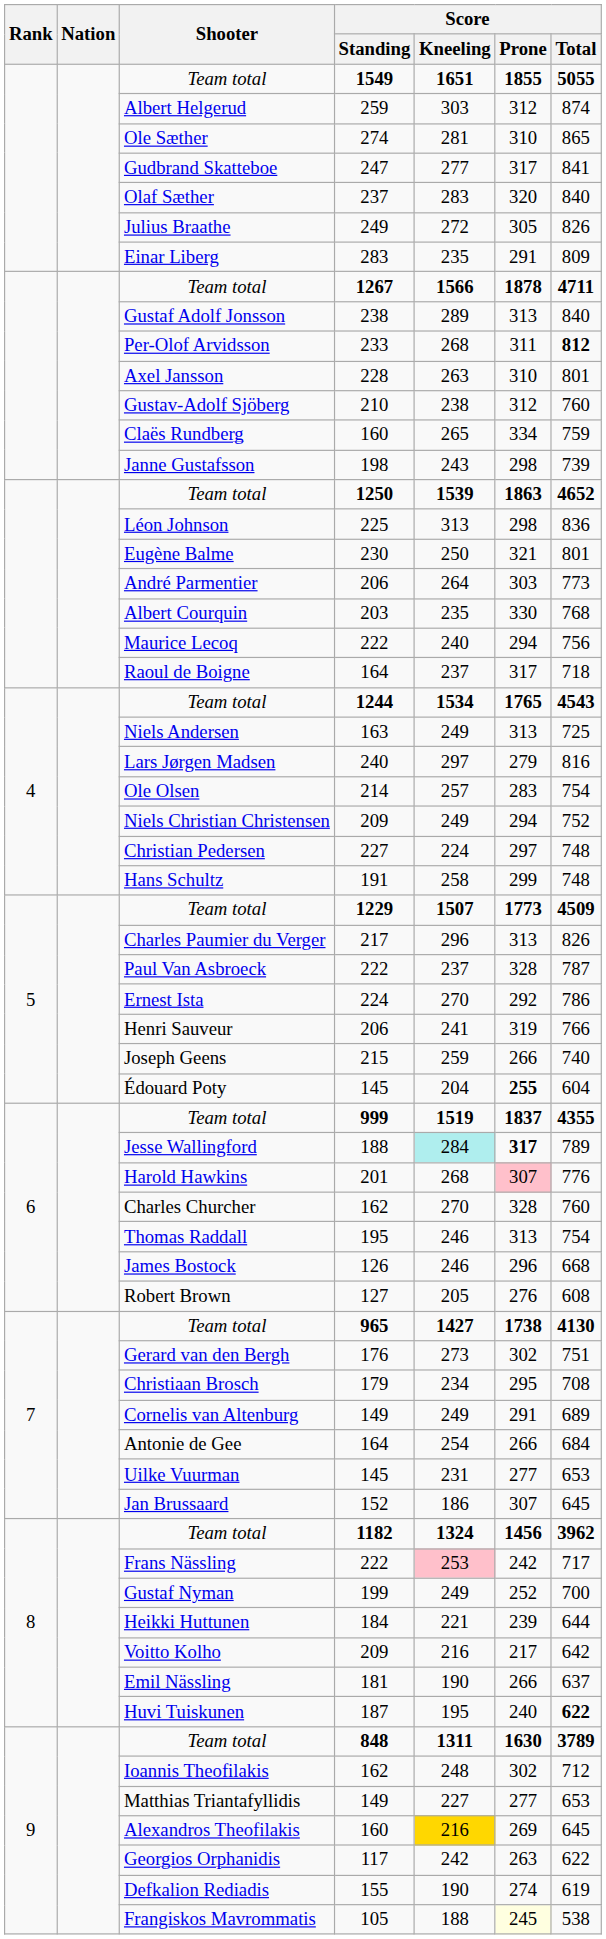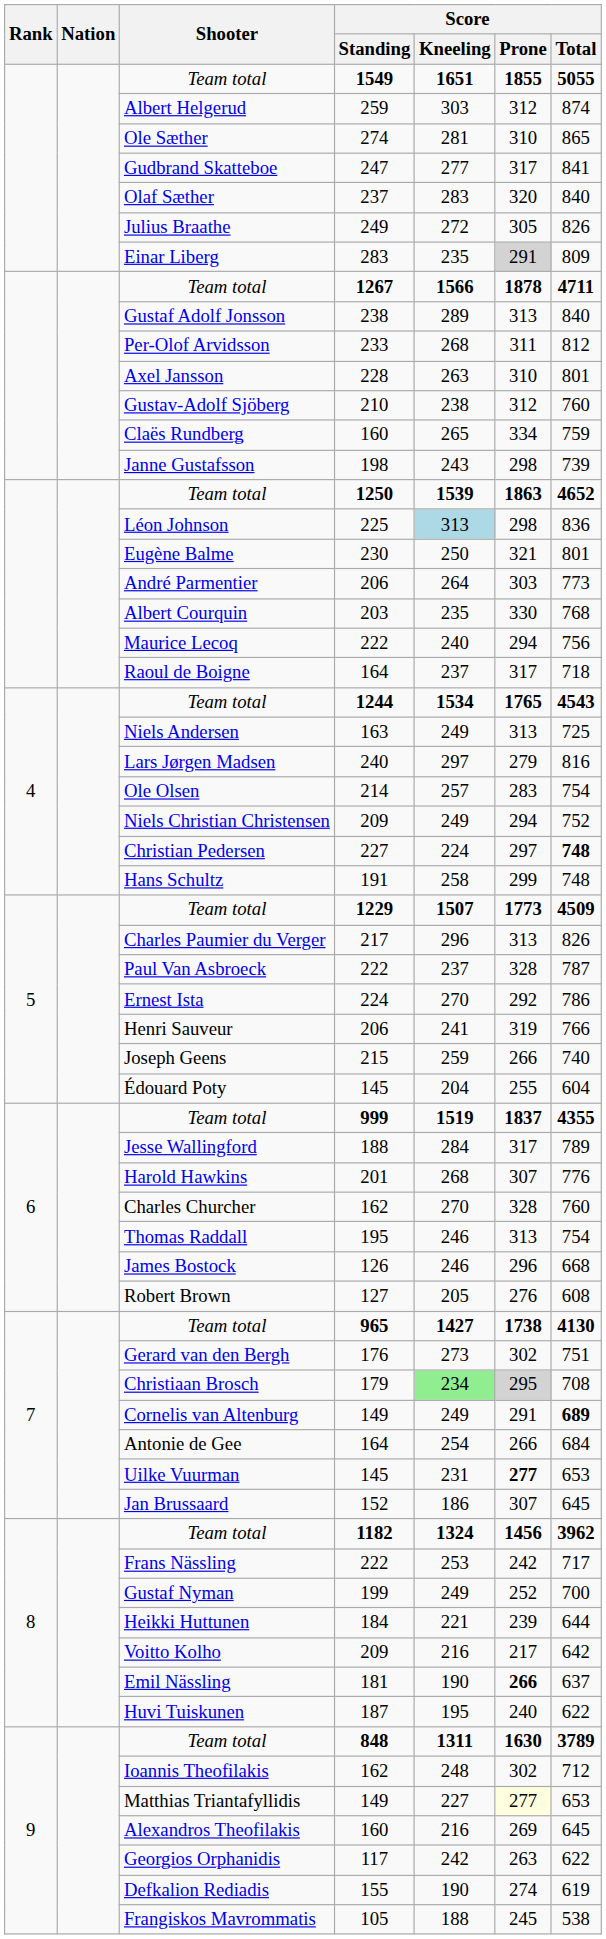 <table class="wikitable sortable" style="text-align:center">
 <tr>
 <th rowspan=2>Rank</th>
 <th rowspan=2>Nation</th>
 <th rowspan=2>Shooter</th>
 <th colspan=4>Score</th>
 </tr>
 <tr>
 <th>Standing</th>
 <th>Kneeling</th>
 <th>Prone</th>
 <th>Total</th>
 </tr>
 <tr>
 <td rowspan=7></td>
 <td rowspan=7 align=left></td>
 <td><em>Team total</em></td>
 <td><strong>1549</strong></td>
 <td><strong>1651</strong></td>
 <td><strong>1855</strong></td>
 <td><strong>5055</strong></td>
 </tr>
 <tr>
 <td align=left><a href='#'>Albert Helgerud</a></td>
 <td>259</td>
 <td>303</td>
 <td>312</td>
 <td>874</td>
 </tr>
 <tr>
 <td align=left><a href='#'>Ole Sæther</a></td>
 <td>274</td>
 <td>281</td>
 <td>310</td>
 <td>865</td>
 </tr>
 <tr>
 <td align=left><a href='#'>Gudbrand Skatteboe</a></td>
 <td>247</td>
 <td>277</td>
 <td>317</td>
 <td>841</td>
 </tr>
 <tr>
 <td align=left><a href='#'>Olaf Sæther</a></td>
 <td>237</td>
 <td>283</td>
 <td>320</td>
 <td>840</td>
 </tr>
 <tr>
 <td align=left><a href='#'>Julius Braathe</a></td>
 <td>249</td>
 <td>272</td>
 <td>305</td>
 <td>826</td>
 </tr>
 <tr>
 <td align=left><a href='#'>Einar Liberg</a></td>
 <td>283</td>
 <td>235</td>
-<td>291</td>
+<td style="background: lightgrey;">291</td>
 <td>809</td>
 </tr>
 <tr>
 <td rowspan=7></td>
 <td rowspan=7 align=left></td>
 <td><em>Team total</em></td>
 <td><strong>1267</strong></td>
 <td><strong>1566</strong></td>
 <td><strong>1878</strong></td>
 <td><strong>4711</strong></td>
 </tr>
 <tr>
 <td align=left><a href='#'>Gustaf Adolf Jonsson</a></td>
 <td>238</td>
 <td>289</td>
 <td>313</td>
 <td>840</td>
 </tr>
 <tr>
 <td align=left><a href='#'>Per-Olof Arvidsson</a></td>
 <td>233</td>
 <td>268</td>
 <td>311</td>
-<td><strong>812</strong></td>
+<td>812</td>
 </tr>
 <tr>
 <td align=left><a href='#'>Axel Jansson</a></td>
 <td>228</td>
 <td>263</td>
 <td>310</td>
 <td>801</td>
 </tr>
 <tr>
 <td align=left><a href='#'>Gustav-Adolf Sjöberg</a></td>
 <td>210</td>
 <td>238</td>
 <td>312</td>
 <td>760</td>
 </tr>
 <tr>
 <td align=left><a href='#'>Claës Rundberg</a></td>
 <td>160</td>
 <td>265</td>
 <td>334</td>
 <td>759</td>
 </tr>
 <tr>
 <td align=left><a href='#'>Janne Gustafsson</a></td>
 <td>198</td>
 <td>243</td>
 <td>298</td>
 <td>739</td>
 </tr>
 <tr>
 <td rowspan=7></td>
 <td rowspan=7 align=left></td>
 <td><em>Team total</em></td>
 <td><strong>1250</strong></td>
 <td><strong>1539</strong></td>
 <td><strong>1863</strong></td>
 <td><strong>4652</strong></td>
 </tr>
 <tr>
 <td align=left><a href='#'>Léon Johnson</a></td>
 <td>225</td>
-<td>313</td>
+<td style="background: lightblue;">313</td>
 <td>298</td>
 <td>836</td>
 </tr>
 <tr>
 <td align=left><a href='#'>Eugène Balme</a></td>
 <td>230</td>
 <td>250</td>
 <td>321</td>
 <td>801</td>
 </tr>
 <tr>
 <td align=left><a href='#'>André Parmentier</a></td>
 <td>206</td>
 <td>264</td>
 <td>303</td>
 <td>773</td>
 </tr>
 <tr>
 <td align=left><a href='#'>Albert Courquin</a></td>
 <td>203</td>
 <td>235</td>
 <td>330</td>
 <td>768</td>
 </tr>
 <tr>
 <td align=left><a href='#'>Maurice Lecoq</a></td>
 <td>222</td>
 <td>240</td>
 <td>294</td>
 <td>756</td>
 </tr>
 <tr>
 <td align=left><a href='#'>Raoul de Boigne</a></td>
 <td>164</td>
 <td>237</td>
 <td>317</td>
 <td>718</td>
 </tr>
 <tr>
 <td rowspan=7>4</td>
 <td rowspan=7 align=left></td>
 <td><em>Team total</em></td>
 <td><strong>1244</strong></td>
 <td><strong>1534</strong></td>
 <td><strong>1765</strong></td>
 <td><strong>4543</strong></td>
 </tr>
 <tr>
 <td align=left><a href='#'>Niels Andersen</a></td>
 <td>163</td>
 <td>249</td>
 <td>313</td>
 <td>725</td>
 </tr>
 <tr>
 <td align=left><a href='#'>Lars Jørgen Madsen</a></td>
 <td>240</td>
 <td>297</td>
 <td>279</td>
 <td>816</td>
 </tr>
 <tr>
 <td align=left><a href='#'>Ole Olsen</a></td>
 <td>214</td>
 <td>257</td>
 <td>283</td>
 <td>754</td>
 </tr>
 <tr>
 <td align=left><a href='#'>Niels Christian Christensen</a></td>
 <td>209</td>
 <td>249</td>
 <td>294</td>
 <td>752</td>
 </tr>
 <tr>
 <td align=left><a href='#'>Christian Pedersen</a></td>
 <td>227</td>
 <td>224</td>
 <td>297</td>
-<td>748</td>
+<td><strong>748</strong></td>
 </tr>
 <tr>
 <td align=left><a href='#'>Hans Schultz</a></td>
 <td>191</td>
 <td>258</td>
 <td>299</td>
 <td>748</td>
 </tr>
 <tr>
 <td rowspan=7>5</td>
 <td rowspan=7 align=left></td>
 <td><em>Team total</em></td>
 <td><strong>1229</strong></td>
 <td><strong>1507</strong></td>
 <td><strong>1773</strong></td>
 <td><strong>4509</strong></td>
 </tr>
 <tr>
 <td align=left><a href='#'>Charles Paumier du Verger</a></td>
 <td>217</td>
 <td>296</td>
 <td>313</td>
 <td>826</td>
 </tr>
 <tr>
 <td align=left><a href='#'>Paul Van Asbroeck</a></td>
 <td>222</td>
 <td>237</td>
 <td>328</td>
 <td>787</td>
 </tr>
 <tr>
 <td align=left><a href='#'>Ernest Ista</a></td>
 <td>224</td>
 <td>270</td>
 <td>292</td>
 <td>786</td>
 </tr>
 <tr>
 <td align=left>Henri Sauveur</td>
 <td>206</td>
 <td>241</td>
 <td>319</td>
 <td>766</td>
 </tr>
 <tr>
 <td align=left>Joseph Geens</td>
 <td>215</td>
 <td>259</td>
 <td>266</td>
 <td>740</td>
 </tr>
 <tr>
 <td align=left>Édouard Poty</td>
 <td>145</td>
 <td>204</td>
-<td><strong>255</strong></td>
+<td>255</td>
 <td>604</td>
 </tr>
 <tr>
 <td rowspan=7>6</td>
 <td rowspan=7 align=left></td>
 <td><em>Team total</em></td>
 <td><strong>999</strong></td>
 <td><strong>1519</strong></td>
 <td><strong>1837</strong></td>
 <td><strong>4355</strong></td>
 </tr>
 <tr>
 <td align=left><a href='#'>Jesse Wallingford</a></td>
 <td>188</td>
-<td style="background: paleturquoise;">284</td>
-<td><strong>317</strong></td>
+<td>284</td>
+<td>317</td>
 <td>789</td>
 </tr>
 <tr>
 <td align=left><a href='#'>Harold Hawkins</a></td>
 <td>201</td>
 <td>268</td>
-<td style="background: pink;">307</td>
+<td>307</td>
 <td>776</td>
 </tr>
 <tr>
 <td align=left>Charles Churcher</td>
 <td>162</td>
 <td>270</td>
 <td>328</td>
 <td>760</td>
 </tr>
 <tr>
 <td align=left><a href='#'>Thomas Raddall</a></td>
 <td>195</td>
 <td>246</td>
 <td>313</td>
 <td>754</td>
 </tr>
 <tr>
 <td align=left><a href='#'>James Bostock</a></td>
 <td>126</td>
 <td>246</td>
 <td>296</td>
 <td>668</td>
 </tr>
 <tr>
 <td align=left>Robert Brown</td>
 <td>127</td>
 <td>205</td>
 <td>276</td>
 <td>608</td>
 </tr>
 <tr>
 <td rowspan=7>7</td>
 <td rowspan=7 align=left></td>
 <td><em>Team total</em></td>
 <td><strong>965</strong></td>
 <td><strong>1427</strong></td>
 <td><strong>1738</strong></td>
 <td><strong>4130</strong></td>
 </tr>
 <tr>
 <td align=left><a href='#'>Gerard van den Bergh</a></td>
 <td>176</td>
 <td>273</td>
 <td>302</td>
 <td>751</td>
 </tr>
 <tr>
 <td align=left><a href='#'>Christiaan Brosch</a></td>
 <td>179</td>
-<td>234</td>
-<td>295</td>
+<td style="background: lightgreen;">234</td>
+<td style="background: lightgrey;">295</td>
 <td>708</td>
 </tr>
 <tr>
 <td align=left><a href='#'>Cornelis van Altenburg</a></td>
 <td>149</td>
 <td>249</td>
 <td>291</td>
-<td>689</td>
+<td><strong>689</strong></td>
 </tr>
 <tr>
 <td align=left>Antonie de Gee</td>
 <td>164</td>
 <td>254</td>
 <td>266</td>
 <td>684</td>
 </tr>
 <tr>
 <td align=left><a href='#'>Uilke Vuurman</a></td>
 <td>145</td>
 <td>231</td>
-<td>277</td>
+<td><strong>277</strong></td>
 <td>653</td>
 </tr>
 <tr>
 <td align=left><a href='#'>Jan Brussaard</a></td>
 <td>152</td>
 <td>186</td>
 <td>307</td>
 <td>645</td>
 </tr>
 <tr>
 <td rowspan=7>8</td>
 <td rowspan=7 align=left></td>
 <td><em>Team total</em></td>
 <td><strong>1182</strong></td>
 <td><strong>1324</strong></td>
 <td><strong>1456</strong></td>
 <td><strong>3962</strong></td>
 </tr>
 <tr>
 <td align=left><a href='#'>Frans Nässling</a></td>
 <td>222</td>
-<td style="background: pink;">253</td>
+<td>253</td>
 <td>242</td>
 <td>717</td>
 </tr>
 <tr>
 <td align=left><a href='#'>Gustaf Nyman</a></td>
 <td>199</td>
 <td>249</td>
 <td>252</td>
 <td>700</td>
 </tr>
 <tr>
 <td align=left><a href='#'>Heikki Huttunen</a></td>
 <td>184</td>
 <td>221</td>
 <td>239</td>
 <td>644</td>
 </tr>
 <tr>
 <td align=left><a href='#'>Voitto Kolho</a></td>
 <td>209</td>
 <td>216</td>
 <td>217</td>
 <td>642</td>
 </tr>
 <tr>
 <td align=left><a href='#'>Emil Nässling</a></td>
 <td>181</td>
 <td>190</td>
-<td>266</td>
+<td><strong>266</strong></td>
 <td>637</td>
 </tr>
 <tr>
 <td align=left><a href='#'>Huvi Tuiskunen</a></td>
 <td>187</td>
 <td>195</td>
 <td>240</td>
-<td><strong>622</strong></td>
+<td>622</td>
 </tr>
 <tr>
 <td rowspan=7>9</td>
 <td rowspan=7 align=left></td>
 <td><em>Team total</em></td>
 <td><strong>848</strong></td>
 <td><strong>1311</strong></td>
 <td><strong>1630</strong></td>
 <td><strong>3789</strong></td>
 </tr>
 <tr>
 <td align=left><a href='#'>Ioannis Theofilakis</a></td>
 <td>162</td>
 <td>248</td>
 <td>302</td>
 <td>712</td>
 </tr>
 <tr>
 <td align=left>Matthias Triantafyllidis</td>
 <td>149</td>
 <td>227</td>
-<td>277</td>
+<td style="background: lightyellow;">277</td>
 <td>653</td>
 </tr>
 <tr>
 <td align=left><a href='#'>Alexandros Theofilakis</a></td>
 <td>160</td>
-<td style="background: gold;">216</td>
+<td>216</td>
 <td>269</td>
 <td>645</td>
 </tr>
 <tr>
 <td align=left><a href='#'>Georgios Orphanidis</a></td>
 <td>117</td>
 <td>242</td>
 <td>263</td>
 <td>622</td>
 </tr>
 <tr>
 <td align=left><a href='#'>Defkalion Rediadis</a></td>
 <td>155</td>
 <td>190</td>
 <td>274</td>
 <td>619</td>
 </tr>
 <tr>
 <td align=left><a href='#'>Frangiskos Mavrommatis</a></td>
 <td>105</td>
 <td>188</td>
-<td style="background: lightyellow;">245</td>
+<td>245</td>
 <td>538</td>
 </tr>
 </table>
